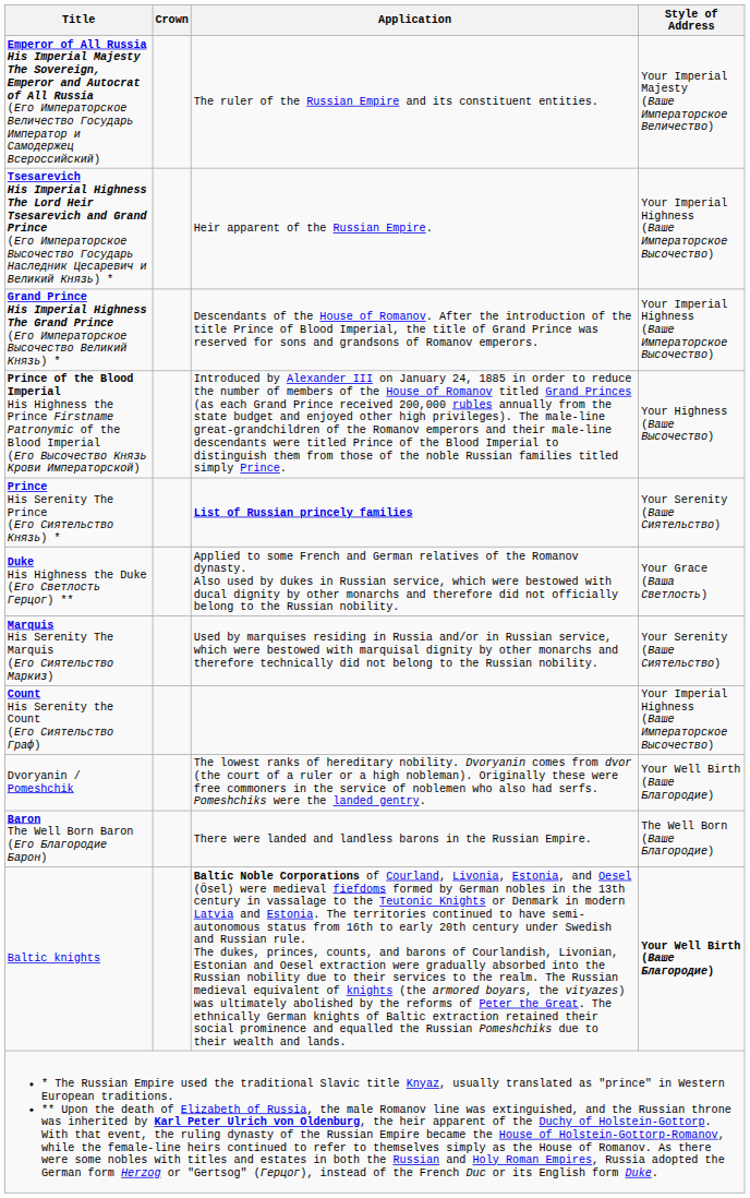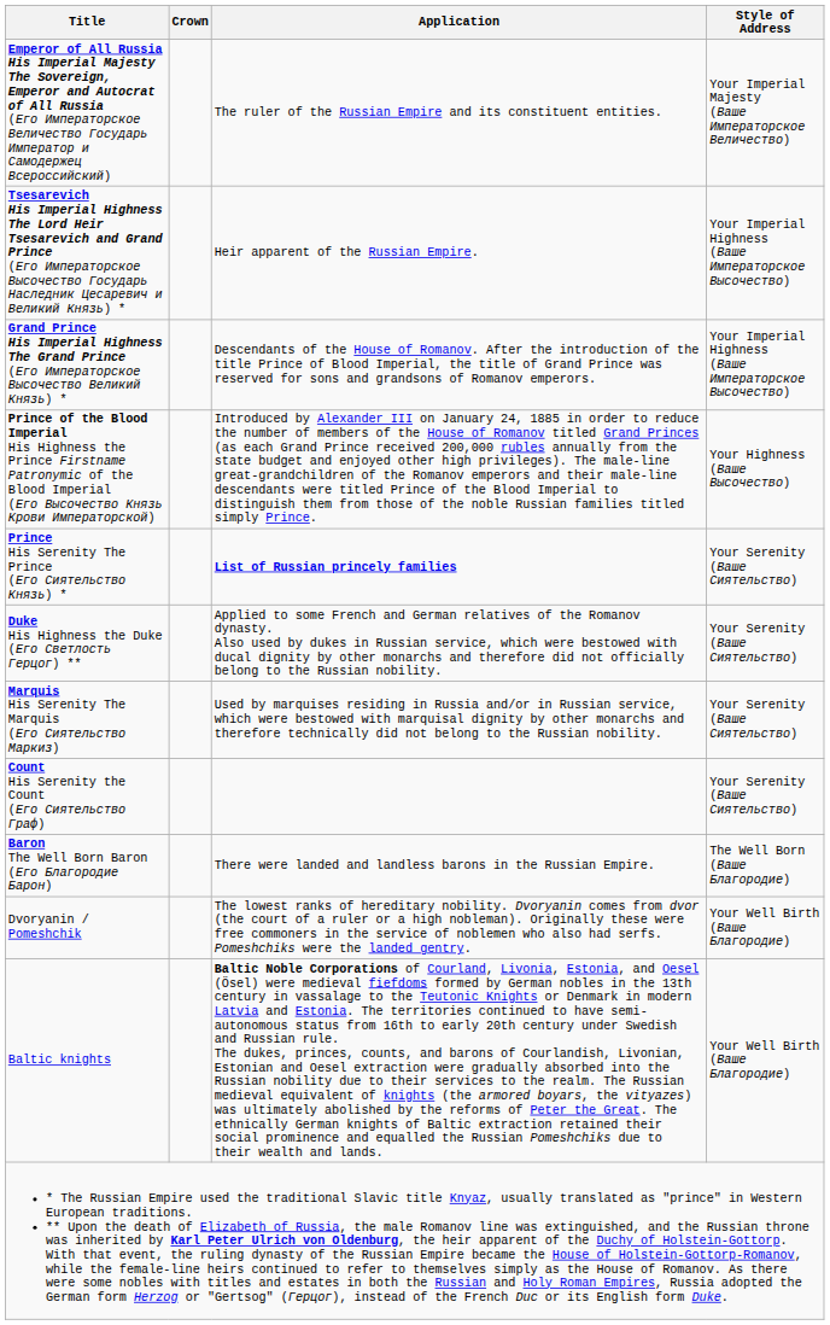 <table class="wikitable">
 <tr>
 <th>Title</th>
 <th>Crown</th>
 <th>Application</th>
 <th>Style of Address</th>
 </tr>
 <tr>
 <td><strong><a href='#'>Emperor of All Russia</a></strong><br><strong><em>His Imperial Majesty The Sovereign, Emperor and Autocrat of All Russia</em></strong><br>(<em>Его Императорское Величество Государь Император и Самодержец Всероссийский</em>)</td>
 <td></td>
 <td>The ruler of the <a href='#'>Russian Empire</a> and its constituent entities.</td>
 <td>Your Imperial Majesty<br>(<em>Ваше Императорское Величество</em>)</td>
 </tr>
 <tr>
 <td><strong><a href='#'>Tsesarevich</a></strong><br><strong><em>His Imperial Highness The Lord Heir Tsesarevich and Grand Prince</em></strong><br>(<em>Его Императорское Высочество Государь Наследник Цесаревич и Великий Князь</em>) *</td>
 <td></td>
 <td>Heir apparent of the <a href='#'>Russian Empire</a>.</td>
 <td>Your Imperial Highness<br>(<em>Ваше Императорское Высочество</em>)</td>
 </tr>
 <tr>
 <td><a href='#'><strong>Grand Prince</strong></a><br><strong><em>His Imperial Highness The Grand Prince</em></strong><br>(<em>Его Императорское Высочество Великий Князь</em>) *</td>
 <td></td>
 <td>Descendants of the <a href='#'>House of Romanov</a>. After the introduction of the title Prince of Blood Imperial, the title of Grand Prince was reserved for sons and grandsons of Romanov emperors.</td>
 <td>Your Imperial Highness<br>(<em>Ваше Императорское Высочество</em>)</td>
 </tr>
 <tr>
 <td><strong>Prince of the Blood Imperial</strong><br>His Highness the Prince <em>Firstname Patronymic</em> of the Blood Imperial<br>(<em>Его Высочество Князь Крови Императорской</em>)</td>
 <td></td>
 <td>Introduced by <a href='#'>Alexander III</a> on January 24, 1885 in order to reduce the number of members of the <a href='#'>House of Romanov</a> titled <a href='#'>Grand Princes</a> (as each Grand Prince received 200,000 <a href='#'>rubles</a> annually from the state budget and enjoyed other high privileges). The male-line great-grandchildren of the Romanov emperors and their male-line descendants were titled Prince of the Blood Imperial to distinguish them from those of the noble Russian families titled simply <a href='#'>Prince</a>.</td>
 <td>Your Highness<br>(<em>Ваше Высочество</em>)</td>
 </tr>
 <tr>
 <td><a href='#'><strong>Prince</strong></a><br>His Serenity The Prince<br>(<em>Его Сиятельство Князь</em>) *</td>
 <td></td>
 <td><strong><a href='#'>List of Russian princely families</a></strong></td>
 <td>Your Serenity<br>(<em>Ваше Сиятельство</em>)</td>
 </tr>
 <tr>
 <td><strong><a href='#'>Duke</a></strong><br>His Highness the Duke<br>(<em>Его Светлость Герцог</em>) ** <br></td>
 <td></td>
 <td>Applied to some French and German relatives of the Romanov dynasty.<br>Also used by dukes in Russian service, which were bestowed with ducal dignity by other monarchs and therefore did not officially belong to the Russian nobility.</td>
-<td>Your Grace<br>(<em>Ваша Светлость</em>)</td>
+<td>Your Serenity<br>(<em>Ваше Сиятельство</em>)</td>
 </tr>
 <tr>
 <td><strong><a href='#'>Marquis</a></strong><br>His Serenity The Marquis<br>(<em>Его Сиятельство Маркиз</em>)</td>
 <td></td>
 <td>Used by marquises residing in Russia and/or in Russian service, which were bestowed with marquisal dignity by other monarchs and therefore technically did not belong to the Russian nobility.</td>
 <td>Your Serenity<br>(<em>Ваше Сиятельство</em>)</td>
 </tr>
 <tr>
 <td><strong><a href='#'>Count</a></strong><br>His Serenity the Count<br>(<em>Его Сиятельство Граф</em>)</td>
 <td></td>
 <td></td>
-<td>Your Imperial Highness<br>(<em>Ваше Императорское Высочество</em>)</td>
+<td>Your Serenity<br>(<em>Ваше Сиятельство</em>)</td>
+</tr>
+<tr>
+<td><strong><a href='#'>Baron</a></strong><br>The Well Born Baron<br>(<em>Его Благородие Барон</em>)</td>
+<td></td>
+<td>There were landed and landless barons in the Russian Empire.</td>
+<td>The Well Born<br>(<em>Ваше Благородие</em>)</td>
 </tr>
 <tr>
 <td>Dvoryanin / <a href='#'>Pomeshchik</a></td>
 <td></td>
 <td>The lowest ranks of hereditary nobility. <em>Dvoryanin</em> comes from <em>dvor</em> (the court of a ruler or a high nobleman). Originally these were free commoners in the service of noblemen who also had serfs. <em>Pomeshchiks</em> were the <a href='#'>landed gentry</a>.</td>
 <td>Your Well Birth<br>(<em>Ваше Благородие</em>)</td>
 </tr>
 <tr>
-<td><strong><a href='#'>Baron</a></strong><br>The Well Born Baron<br>(<em>Его Благородие Барон</em>)</td>
-<td></td>
-<td>There were landed and landless barons in the Russian Empire.</td>
-<td>The Well Born<br>(<em>Ваше Благородие</em>)</td>
-</tr>
-<tr>
 <td><a href='#'>Baltic knights</a></td>
 <td></td>
 <td><strong>Baltic Noble Corporations</strong> of <a href='#'>Courland</a>, <a href='#'>Livonia</a>, <a href='#'>Estonia</a>, and <a href='#'>Oesel</a> (Ösel) were medieval <a href='#'>fiefdoms</a> formed by German nobles in the 13th century in vassalage to the <a href='#'>Teutonic Knights</a> or Denmark in modern <a href='#'>Latvia</a> and <a href='#'>Estonia</a>. The territories continued to have semi-autonomous status from 16th to early 20th century under Swedish and Russian rule.<br>The dukes, princes, counts, and barons of Courlandish, Livonian, Estonian and Oesel extraction were gradually absorbed into the Russian nobility due to their services to the realm. The Russian medieval equivalent of <a href='#'>knights</a> (the <em>armored boyars</em>, the <em>vityazes</em>) was ultimately abolished by the reforms of <a href='#'>Peter the Great</a>. The ethnically German knights of Baltic extraction retained their social prominence and equalled the Russian <em>Pomeshchiks</em> due to their wealth and lands.</td>
-<td><strong>Your Well Birth<br>(<em>Ваше Благородие</em>)</strong></td>
+<td>Your Well Birth<br>(<em>Ваше Благородие</em>)</td>
 </tr>
 <tr>
 <td colspan="4"><br><ul><li>* The Russian Empire used the traditional Slavic title <a href='#'>Knyaz</a>, usually translated as "prince" in Western European traditions.</li><li>** Upon the death of <a href='#'>Elizabeth of Russia</a>, the male Romanov line was extinguished, and the Russian throne was inherited by <a href='#'><strong>Karl Peter Ulrich von Oldenburg</strong></a>, the heir apparent of the <a href='#'>Duchy of Holstein-Gottorp</a>. With that event, the ruling dynasty of the Russian Empire became the <a href='#'>House of Holstein-Gottorp-Romanov</a>, while the female-line heirs continued to refer to themselves simply as the House of Romanov. As there were some nobles with titles and estates in both the <a href='#'>Russian</a> and <a href='#'>Holy Roman Empires</a>, Russia adopted the German form <em><a href='#'>Herzog</a></em> or "Gertsog" (<em>Герцог</em>), instead of the French <em>Duc</em> or its English form <em><a href='#'>Duke</a></em>.</li></ul></td>
 </tr>
 </table>
